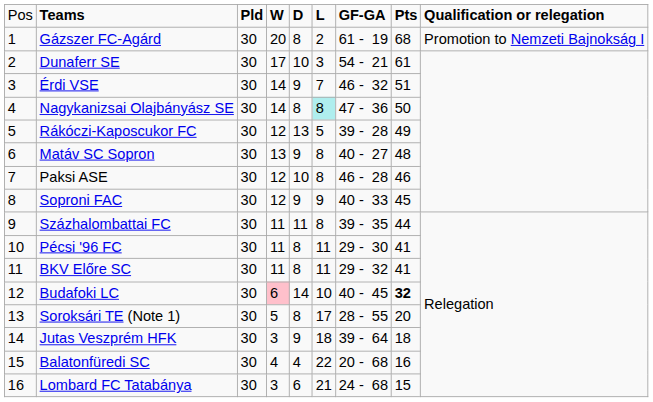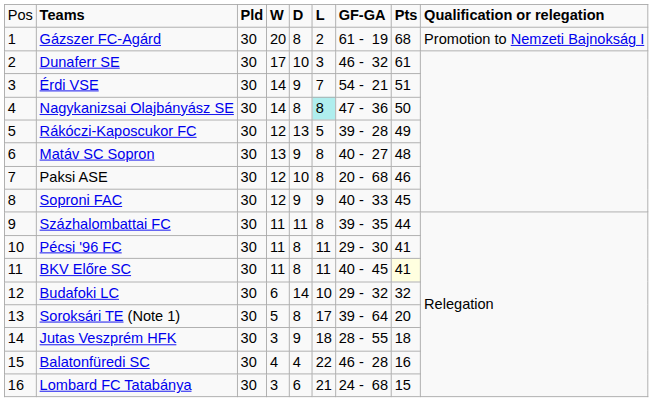 <table class="wikitable">
 <tr>
 <td>Pos</td>
 <td><strong>Teams</strong></td>
 <td><strong>Pld</strong></td>
 <td><strong>W</strong></td>
 <td><strong>D</strong></td>
 <td><strong>L</strong></td>
 <td><strong>GF-GA</strong></td>
 <td><strong>Pts</strong></td>
 <td><strong>Qualification or relegation</strong></td>
 </tr>
 <tr>
 <td>1</td>
 <td><a href='#'>Gázszer FC-Agárd</a></td>
 <td>30</td>
 <td>20</td>
 <td>8</td>
 <td>2</td>
 <td>61 -  19</td>
 <td>68</td>
 <td>Promotion to <a href='#'>Nemzeti Bajnokság I</a></td>
 </tr>
 <tr>
 <td>2</td>
 <td><a href='#'>Dunaferr SE</a></td>
 <td>30</td>
 <td>17</td>
 <td>10</td>
 <td>3</td>
-<td>54 -  21</td>
+<td>46 -  32</td>
 <td>61</td>
 <td rowspan="7"></td>
 </tr>
 <tr>
 <td>3</td>
 <td><a href='#'>Érdi VSE</a></td>
 <td>30</td>
 <td>14</td>
 <td>9</td>
 <td>7</td>
-<td>46 -  32</td>
+<td>54 -  21</td>
 <td>51</td>
 </tr>
 <tr>
 <td>4</td>
 <td><a href='#'>Nagykanizsai Olajbányász SE</a></td>
 <td>30</td>
 <td>14</td>
 <td>8</td>
 <td style="background: paleturquoise;">8</td>
 <td>47 -  36</td>
 <td>50</td>
 </tr>
 <tr>
 <td>5</td>
 <td><a href='#'>Rákóczi-Kaposcukor FC</a></td>
 <td>30</td>
 <td>12</td>
 <td>13</td>
 <td>5</td>
 <td>39 -  28</td>
 <td>49</td>
 </tr>
 <tr>
 <td>6</td>
 <td><a href='#'>Matáv SC Sopron</a></td>
 <td>30</td>
 <td>13</td>
 <td>9</td>
 <td>8</td>
 <td>40 -  27</td>
 <td>48</td>
 </tr>
 <tr>
 <td>7</td>
 <td>Paksi ASE</td>
 <td>30</td>
 <td>12</td>
 <td>10</td>
 <td>8</td>
-<td>46 -  28</td>
+<td>20 -  68</td>
 <td>46</td>
 </tr>
 <tr>
 <td>8</td>
 <td><a href='#'>Soproni FAC</a></td>
 <td>30</td>
 <td>12</td>
 <td>9</td>
 <td>9</td>
 <td>40 -  33</td>
 <td>45</td>
 </tr>
 <tr>
 <td>9</td>
 <td><a href='#'>Százhalombattai FC</a></td>
 <td>30</td>
 <td>11</td>
 <td>11</td>
 <td>8</td>
 <td>39 -  35</td>
 <td>44</td>
 <td rowspan="8">Relegation</td>
 </tr>
 <tr>
 <td>10</td>
 <td><a href='#'>Pécsi '96 FC</a></td>
 <td>30</td>
 <td>11</td>
 <td>8</td>
 <td>11</td>
 <td>29 -  30</td>
 <td>41</td>
 </tr>
 <tr>
 <td>11</td>
 <td><a href='#'>BKV Előre SC</a></td>
 <td>30</td>
 <td>11</td>
 <td>8</td>
 <td>11</td>
-<td>29 -  32</td>
-<td>41</td>
+<td>40 -  45</td>
+<td style="background: lightyellow;">41</td>
 </tr>
 <tr>
 <td>12</td>
 <td><a href='#'>Budafoki LC</a></td>
 <td>30</td>
-<td style="background: pink;">6</td>
+<td>6</td>
 <td>14</td>
 <td>10</td>
-<td>40 -  45</td>
-<td><strong>32</strong></td>
+<td>29 -  32</td>
+<td>32</td>
 </tr>
 <tr>
 <td>13</td>
 <td><a href='#'>Soroksári TE</a> (Note 1)</td>
 <td>30</td>
 <td>5</td>
 <td>8</td>
 <td>17</td>
-<td>28 -  55</td>
+<td>39 -  64</td>
 <td>20</td>
 </tr>
 <tr>
 <td>14</td>
 <td><a href='#'>Jutas Veszprém HFK</a></td>
 <td>30</td>
 <td>3</td>
 <td>9</td>
 <td>18</td>
-<td>39 -  64</td>
+<td>28 -  55</td>
 <td>18</td>
 </tr>
 <tr>
 <td>15</td>
 <td><a href='#'>Balatonfüredi SC</a></td>
 <td>30</td>
 <td>4</td>
 <td>4</td>
 <td>22</td>
-<td>20 -  68</td>
+<td>46 -  28</td>
 <td>16</td>
 </tr>
 <tr>
 <td>16</td>
 <td><a href='#'>Lombard FC Tatabánya</a></td>
 <td>30</td>
 <td>3</td>
 <td>6</td>
 <td>21</td>
 <td>24 -  68</td>
 <td>15</td>
 </tr>
 </table>
